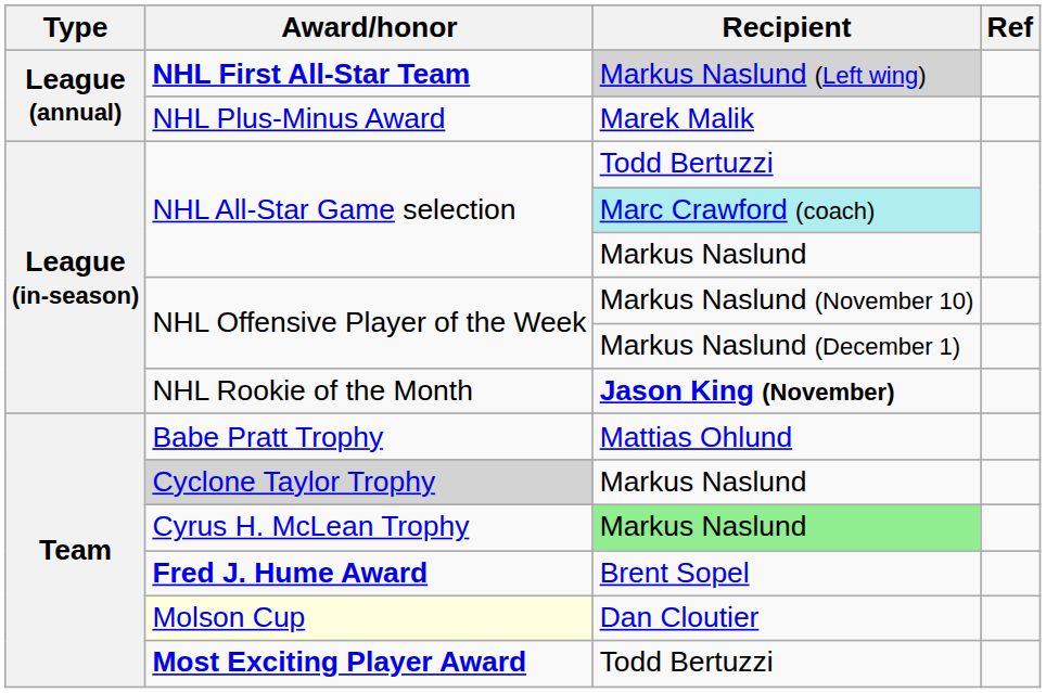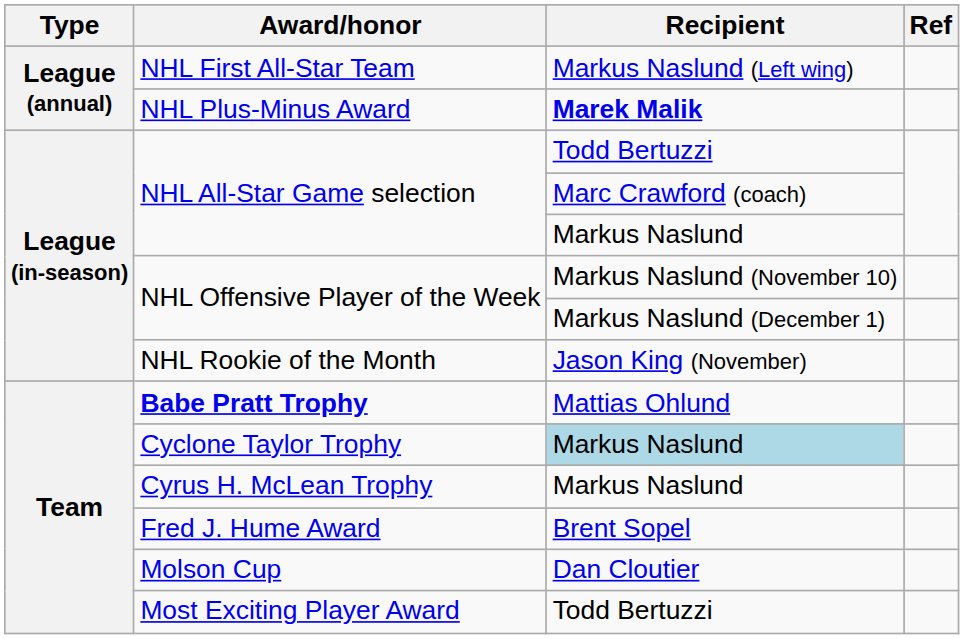 <table class="wikitable">
 <tr>
 <th scope="col">Type</th>
 <th scope="col">Award/honor</th>
 <th scope="col">Recipient</th>
 <th scope="col">Ref</th>
 </tr>
 <tr>
 <th scope="row" rowspan="2">League<br><small>(annual)</small></th>
-<td><strong><a href='#'>NHL First All-Star Team</a></strong></td>
-<td style="background: lightgrey;"><a href='#'>Markus Naslund</a> <small>(<a href='#'>Left wing</a>)</small></td>
+<td><a href='#'>NHL First All-Star Team</a></td>
+<td><a href='#'>Markus Naslund</a> <small>(<a href='#'>Left wing</a>)</small></td>
 <td></td>
 </tr>
 <tr>
 <td><a href='#'>NHL Plus-Minus Award</a></td>
-<td><a href='#'>Marek Malik</a></td>
+<td><strong><a href='#'>Marek Malik</a></strong></td>
 <td></td>
 </tr>
 <tr>
 <th scope="row" rowspan="6">League<br><small>(in-season)</small></th>
 <td rowspan="3"><a href='#'>NHL All-Star Game</a> selection</td>
 <td><a href='#'>Todd Bertuzzi</a></td>
 <td rowspan="3"></td>
 </tr>
 <tr>
-<td style="background: paleturquoise;"><a href='#'>Marc Crawford</a> <small>(coach)</small></td>
+<td><a href='#'>Marc Crawford</a> <small>(coach)</small></td>
 </tr>
 <tr>
 <td>Markus Naslund</td>
 </tr>
 <tr>
 <td rowspan="2">NHL Offensive Player of the Week</td>
 <td>Markus Naslund <small>(November 10)</small></td>
 <td></td>
 </tr>
 <tr>
 <td>Markus Naslund <small>(December 1)</small></td>
 <td></td>
 </tr>
 <tr>
 <td>NHL Rookie of the Month</td>
-<td><strong><a href='#'>Jason King</a> <small>(November)</small></strong></td>
+<td><a href='#'>Jason King</a> <small>(November)</small></td>
 <td></td>
 </tr>
 <tr>
 <th scope="row" rowspan="6">Team</th>
-<td><a href='#'>Babe Pratt Trophy</a></td>
+<td><strong><a href='#'>Babe Pratt Trophy</a></strong></td>
 <td><a href='#'>Mattias Ohlund</a></td>
 <td></td>
 </tr>
 <tr>
-<td style="background: lightgrey;"><a href='#'>Cyclone Taylor Trophy</a></td>
+<td><a href='#'>Cyclone Taylor Trophy</a></td>
+<td style="background: lightblue;">Markus Naslund</td>
+<td></td>
+</tr>
+<tr>
+<td><a href='#'>Cyrus H. McLean Trophy</a></td>
 <td>Markus Naslund</td>
 <td></td>
 </tr>
 <tr>
-<td><a href='#'>Cyrus H. McLean Trophy</a></td>
-<td style="background: lightgreen;">Markus Naslund</td>
-<td></td>
-</tr>
-<tr>
-<td><strong><a href='#'>Fred J. Hume Award</a></strong></td>
+<td><a href='#'>Fred J. Hume Award</a></td>
 <td><a href='#'>Brent Sopel</a></td>
 <td></td>
 </tr>
 <tr>
-<td style="background: lightyellow;"><a href='#'>Molson Cup</a></td>
+<td><a href='#'>Molson Cup</a></td>
 <td><a href='#'>Dan Cloutier</a></td>
 <td></td>
 </tr>
 <tr>
-<td><strong><a href='#'>Most Exciting Player Award</a></strong></td>
+<td><a href='#'>Most Exciting Player Award</a></td>
 <td>Todd Bertuzzi</td>
 <td></td>
 </tr>
 </table>
